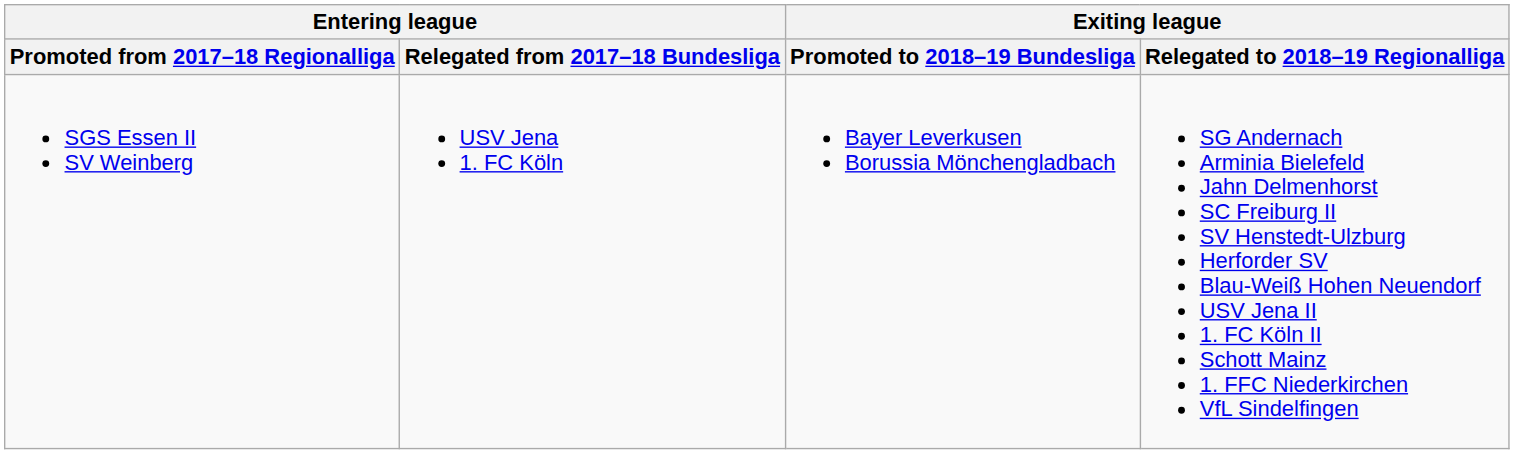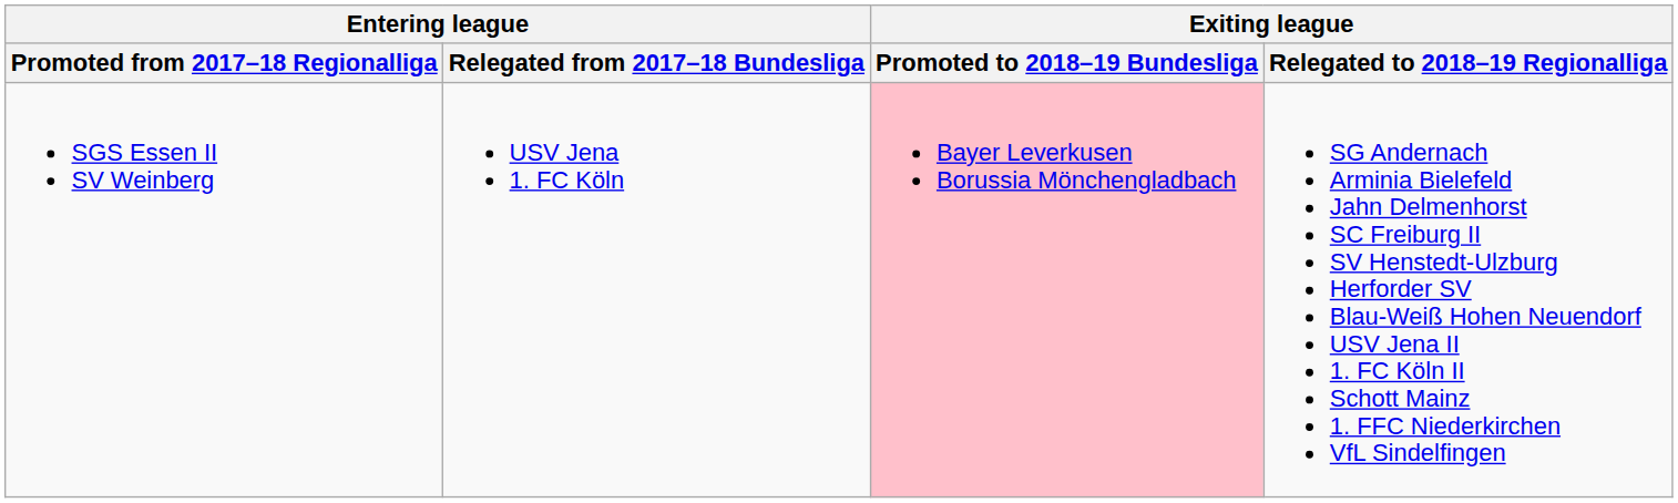 <table class="wikitable">
 <tr>
 <th colspan="2">Entering league</th>
 <th colspan="2">Exiting league</th>
 </tr>
 <tr>
 <th>Promoted from <a href='#'>2017–18 Regionalliga</a></th>
 <th>Relegated from <a href='#'>2017–18 Bundesliga</a></th>
 <th>Promoted to <a href='#'>2018–19 Bundesliga</a></th>
 <th>Relegated to <a href='#'>2018–19 Regionalliga</a></th>
 </tr>
 <tr style="vertical-align:top;">
 <td><br><ul><li><a href='#'>SGS Essen II</a></li><li><a href='#'>SV Weinberg</a></li></ul></td>
 <td><br><ul><li><a href='#'>USV Jena</a></li><li><a href='#'>1. FC Köln</a></li></ul></td>
-<td><br><ul><li><a href='#'>Bayer Leverkusen</a></li><li><a href='#'>Borussia Mönchengladbach</a></li></ul></td>
+<td style="background: pink;"><br><ul><li><a href='#'>Bayer Leverkusen</a></li><li><a href='#'>Borussia Mönchengladbach</a></li></ul></td>
 <td><br><ul><li><a href='#'>SG Andernach</a></li><li><a href='#'>Arminia Bielefeld</a></li><li><a href='#'>Jahn Delmenhorst</a></li><li><a href='#'>SC Freiburg II</a></li><li><a href='#'>SV Henstedt-Ulzburg</a></li><li><a href='#'>Herforder SV</a></li><li><a href='#'>Blau-Weiß Hohen Neuendorf</a></li><li><a href='#'>USV Jena II</a></li><li><a href='#'>1. FC Köln II</a></li><li><a href='#'>Schott Mainz</a></li><li><a href='#'>1. FFC Niederkirchen</a></li><li><a href='#'>VfL Sindelfingen</a></li></ul></td>
 </tr>
 </table>
